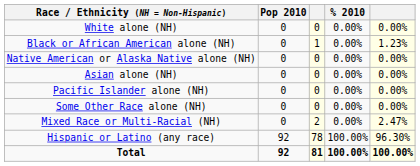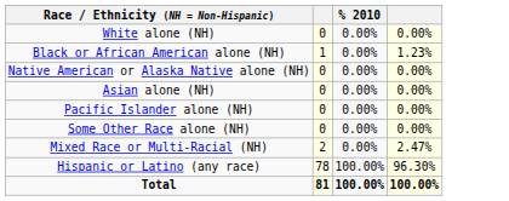 <table class="wikitable" style="text-align:center;">
 <tr>
 <th>Race / Ethnicity <small>(<em>NH = Non-Hispanic</em>)</small></th>
-<th>Pop 2010</th>
 <th></th>
 <th>% 2010</th>
 <th></th>
 </tr>
 <tr>
 <td><a href='#'>White</a> alone (NH)</td>
-<td>0</td>
 <td style='background: #ffffe6;'>0</td>
 <td>0.00%</td>
 <td style='background: #ffffe6;'>0.00%</td>
 </tr>
 <tr>
 <td><a href='#'>Black or African American</a> alone (NH)</td>
-<td>0</td>
 <td style='background: #ffffe6;'>1</td>
 <td>0.00%</td>
 <td style='background: #ffffe6;'>1.23%</td>
 </tr>
 <tr>
 <td><a href='#'>Native American</a> or <a href='#'>Alaska Native</a> alone (NH)</td>
-<td>0</td>
 <td style='background: #ffffe6;'>0</td>
 <td>0.00%</td>
 <td style='background: #ffffe6;'>0.00%</td>
 </tr>
 <tr>
 <td><a href='#'>Asian</a> alone (NH)</td>
-<td>0</td>
 <td style='background: #ffffe6;'>0</td>
 <td>0.00%</td>
 <td style='background: #ffffe6;'>0.00%</td>
 </tr>
 <tr>
 <td><a href='#'>Pacific Islander</a> alone (NH)</td>
-<td>0</td>
 <td style='background: #ffffe6;'>0</td>
 <td>0.00%</td>
 <td style='background: #ffffe6;'>0.00%</td>
 </tr>
 <tr>
 <td><a href='#'>Some Other Race</a> alone (NH)</td>
-<td>0</td>
 <td style='background: #ffffe6;'>0</td>
 <td>0.00%</td>
 <td style='background: #ffffe6;'>0.00%</td>
 </tr>
 <tr>
 <td><a href='#'>Mixed Race or Multi-Racial</a> (NH)</td>
-<td>0</td>
 <td style='background: #ffffe6;'>2</td>
 <td>0.00%</td>
 <td style='background: #ffffe6;'>2.47%</td>
 </tr>
 <tr>
 <td><a href='#'>Hispanic or Latino</a> (any race)</td>
-<td>92</td>
 <td style='background: #ffffe6;'>78</td>
 <td>100.00%</td>
 <td style='background: #ffffe6;'>96.30%</td>
 </tr>
 <tr>
 <td><strong>Total</strong></td>
-<td><strong>92</strong></td>
 <td style='background: #ffffe6;'><strong>81</strong></td>
 <td><strong>100.00%</strong></td>
 <td style='background: #ffffe6;'><strong>100.00%</strong></td>
 </tr>
 </table>
